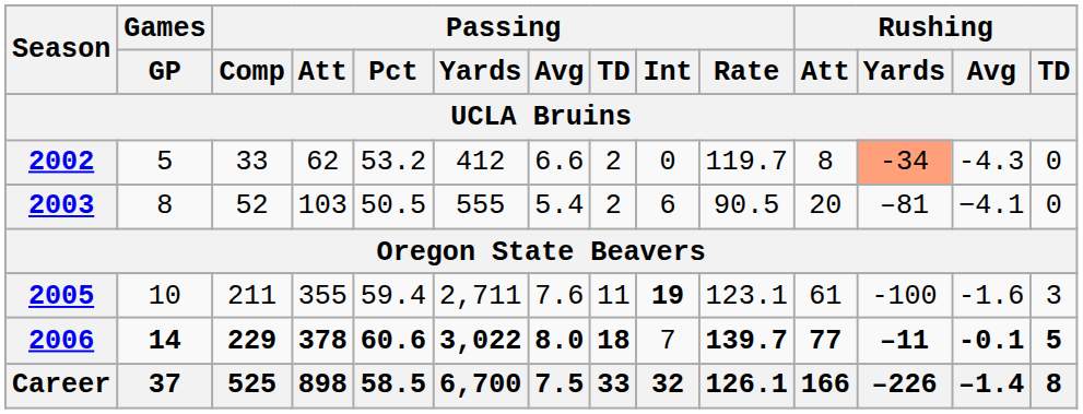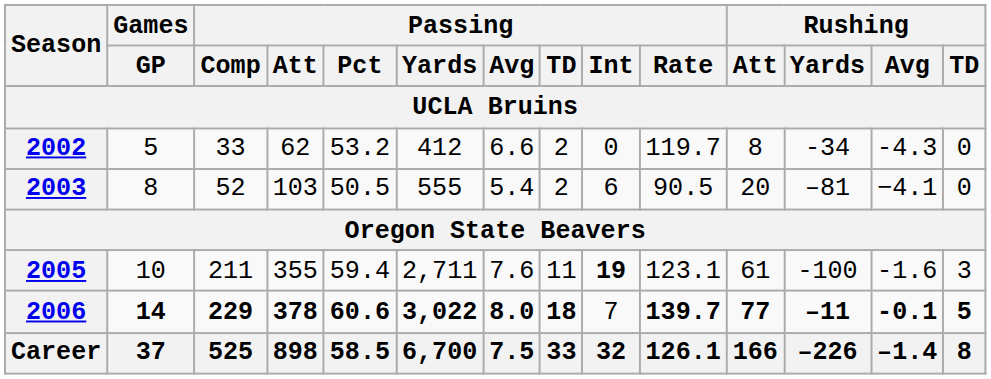 <table class="wikitable" style="text-align:center;">
 <tr>
 <th rowspan="2">Season</th>
 <th colspan="1">Games</th>
 <th colspan="8">Passing</th>
 <th colspan="5">Rushing</th>
 </tr>
 <tr>
 <th>GP</th>
 <th>Comp</th>
 <th>Att</th>
 <th>Pct</th>
 <th>Yards</th>
 <th>Avg</th>
 <th>TD</th>
 <th>Int</th>
 <th>Rate</th>
 <th>Att</th>
 <th>Yards</th>
 <th>Avg</th>
 <th>TD</th>
 </tr>
 <tr>
 <th colspan="15">UCLA Bruins</th>
 </tr>
 <tr>
 <th><a href='#'>2002</a></th>
 <td>5</td>
 <td>33</td>
 <td>62</td>
 <td>53.2</td>
 <td>412</td>
 <td>6.6</td>
 <td>2</td>
 <td>0</td>
 <td>119.7</td>
 <td>8</td>
-<td style="background: lightsalmon;">-34</td>
+<td>-34</td>
 <td>-4.3</td>
 <td>0</td>
 </tr>
 <tr>
 <th><a href='#'>2003</a></th>
 <td>8</td>
 <td>52</td>
 <td>103</td>
 <td>50.5</td>
 <td>555</td>
 <td>5.4</td>
 <td>2</td>
 <td>6</td>
 <td>90.5</td>
 <td>20</td>
 <td>–81</td>
 <td>−4.1</td>
 <td>0</td>
 </tr>
 <tr>
 <th colspan="15">Oregon State Beavers</th>
 </tr>
 <tr>
 <th><a href='#'>2005</a></th>
 <td>10</td>
 <td>211</td>
 <td>355</td>
 <td>59.4</td>
 <td>2,711</td>
 <td>7.6</td>
 <td>11</td>
 <td><strong>19</strong></td>
 <td>123.1</td>
 <td>61</td>
 <td>-100</td>
 <td>-1.6</td>
 <td>3</td>
 </tr>
 <tr>
 <th><a href='#'>2006</a></th>
 <td><strong>14</strong></td>
 <td><strong>229</strong></td>
 <td><strong>378</strong></td>
 <td><strong>60.6</strong></td>
 <td><strong>3,022</strong></td>
 <td><strong>8.0</strong></td>
 <td><strong>18</strong></td>
 <td>7</td>
 <td><strong>139.7</strong></td>
 <td><strong>77</strong></td>
 <td><strong>–11</strong></td>
 <td><strong>-0.1</strong></td>
 <td><strong>5</strong></td>
 </tr>
 <tr>
 <th>Career</th>
 <th>37</th>
 <th>525</th>
 <th>898</th>
 <th>58.5</th>
 <th>6,700</th>
 <th>7.5</th>
 <th>33</th>
 <th>32</th>
 <th>126.1</th>
 <th>166</th>
 <th>–226</th>
 <th>–1.4</th>
 <th>8</th>
 </tr>
 </table>
